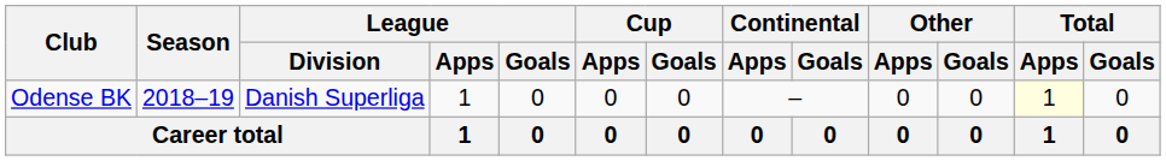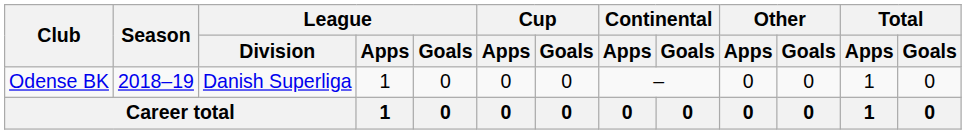 <table class="wikitable" style="text-align: center">
 <tr>
 <th rowspan="2">Club</th>
 <th rowspan="2">Season</th>
 <th colspan="3">League</th>
 <th colspan="2">Cup</th>
 <th colspan="2">Continental</th>
 <th colspan="2">Other</th>
 <th colspan="2">Total</th>
 </tr>
 <tr>
 <th>Division</th>
 <th>Apps</th>
 <th>Goals</th>
 <th>Apps</th>
 <th>Goals</th>
 <th>Apps</th>
 <th>Goals</th>
 <th>Apps</th>
 <th>Goals</th>
 <th>Apps</th>
 <th>Goals</th>
 </tr>
 <tr>
 <td><a href='#'>Odense BK</a></td>
 <td><a href='#'>2018–19</a></td>
 <td><a href='#'>Danish Superliga</a></td>
 <td>1</td>
 <td>0</td>
 <td>0</td>
 <td>0</td>
 <td colspan="2">–</td>
 <td>0</td>
 <td>0</td>
-<td style="background: lightyellow;">1</td>
+<td>1</td>
 <td>0</td>
 </tr>
 <tr>
 <th colspan=3>Career total</th>
 <th>1</th>
 <th>0</th>
 <th>0</th>
 <th>0</th>
 <th>0</th>
 <th>0</th>
 <th>0</th>
 <th>0</th>
 <th>1</th>
 <th>0</th>
 </tr>
 </table>
